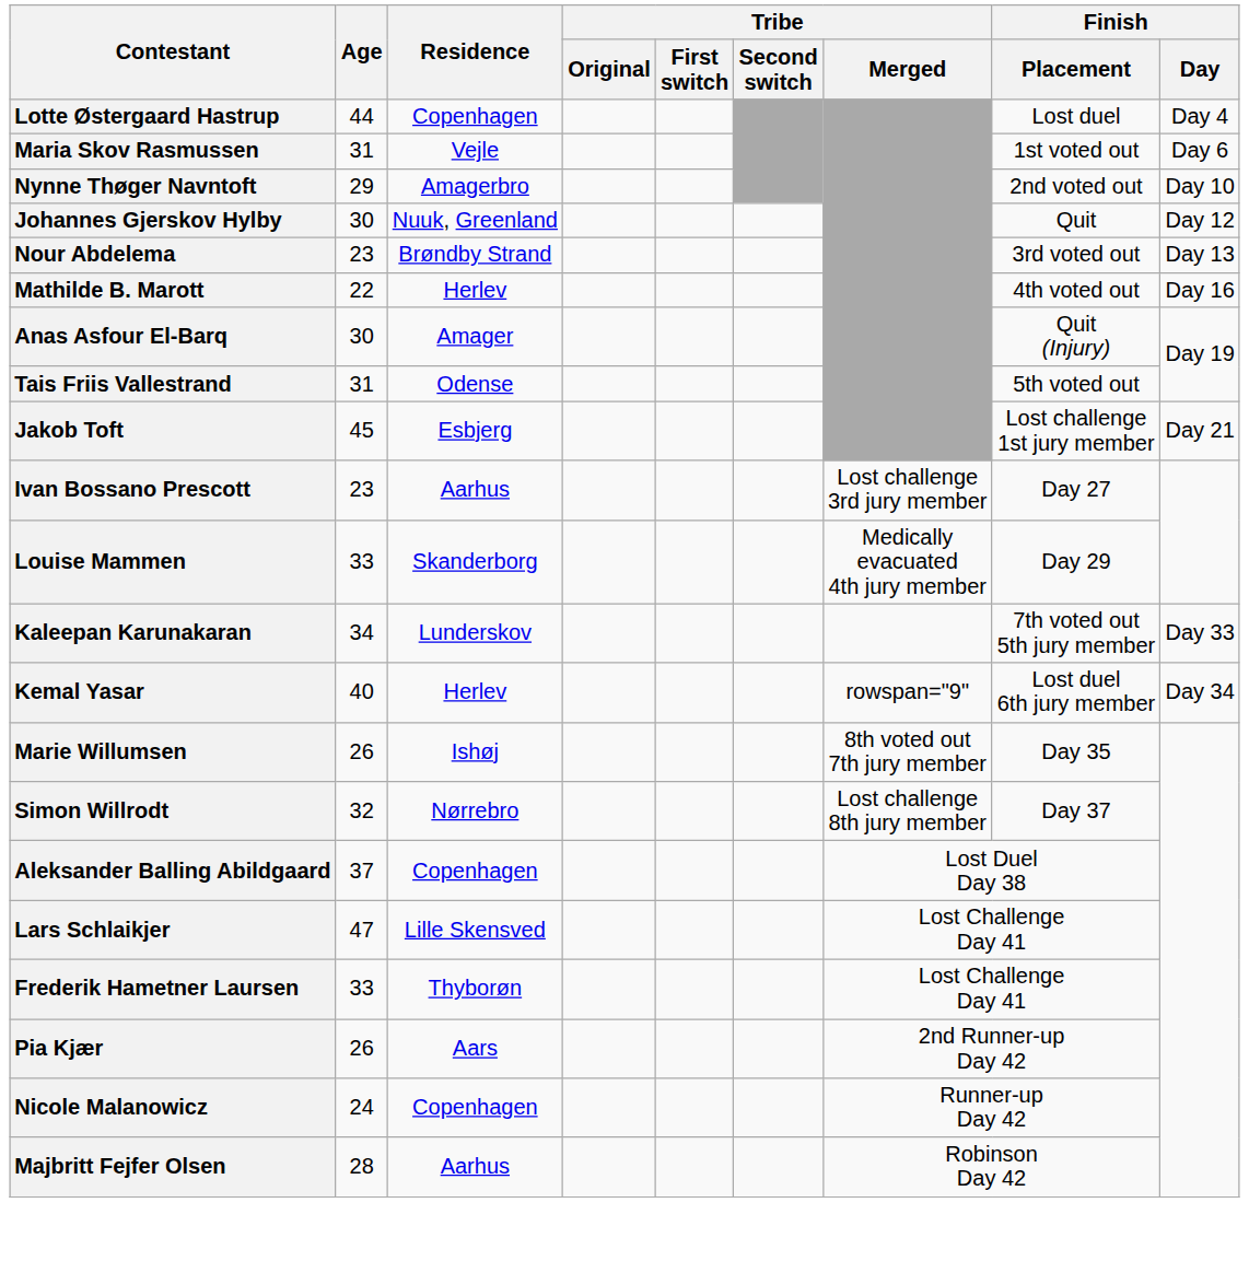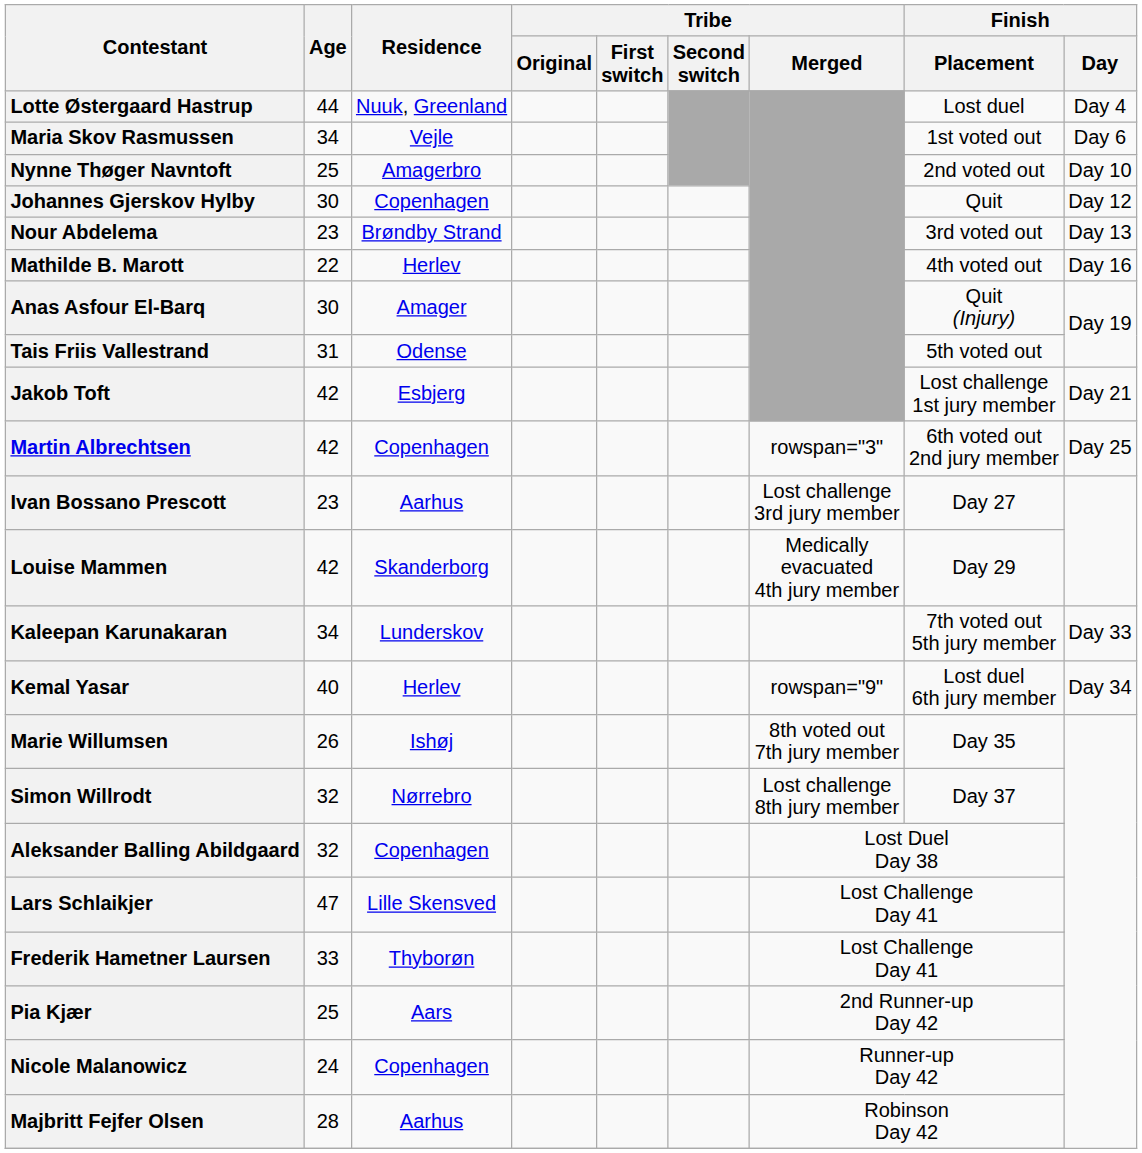 <table class="wikitable sortable" style="margin:auto; text-align:center">
 <tr>
 <th rowspan="2" scope="col">Contestant</th>
 <th rowspan="2" scope="col">Age</th>
 <th rowspan="2" scope="col" class="unsortable">Residence</th>
 <th colspan="4" scope="colgroup">Tribe</th>
 <th colspan="2" scope="colgroup">Finish</th>
 </tr>
 <tr>
 <th scope="col">Original</th>
 <th scope="col">First<br>switch</th>
 <th scope="col">Second<br>switch</th>
 <th class="unsortable">Merged</th>
 <th scope="col" class="unsortable">Placement</th>
 <th scope="col" class="unsortable">Day</th>
 </tr>
 <tr>
 <th scope="row" style="text-align:left;">Lotte Østergaard Hastrup</th>
 <td>44</td>
-<td><a href='#'>Copenhagen</a></td>
+<td><a href='#'>Nuuk</a>, <a href='#'>Greenland</a></td>
 <td></td>
 <td></td>
 <td rowspan="3" style="background:darkgray; border:none;"></td>
 <td rowspan="9" style="background:darkgray; border:none;"></td>
 <td>Lost duel</td>
 <td>Day 4</td>
 </tr>
 <tr>
 <th scope="row" style="text-align:left;">Maria Skov Rasmussen</th>
-<td>31</td>
+<td>34</td>
 <td><a href='#'>Vejle</a></td>
 <td></td>
 <td></td>
 <td>1st voted out</td>
 <td>Day 6</td>
 </tr>
 <tr>
 <th scope="row" style="text-align:left;">Nynne Thøger Navntoft</th>
-<td>29</td>
+<td>25</td>
 <td><a href='#'>Amagerbro</a></td>
 <td></td>
 <td></td>
 <td>2nd voted out</td>
 <td>Day 10</td>
 </tr>
 <tr>
 <th scope="row" style="text-align:left;">Johannes Gjerskov Hylby</th>
 <td>30</td>
-<td><a href='#'>Nuuk</a>, <a href='#'>Greenland</a></td>
+<td><a href='#'>Copenhagen</a></td>
 <td></td>
 <td></td>
 <td></td>
 <td>Quit</td>
 <td>Day 12</td>
 </tr>
 <tr>
 <th scope="row" style="text-align:left;">Nour Abdelema</th>
 <td>23</td>
 <td><a href='#'>Brøndby Strand</a></td>
 <td></td>
 <td></td>
 <td></td>
 <td>3rd voted out</td>
 <td>Day 13</td>
 </tr>
 <tr>
 <th scope="row" style="text-align:left;">Mathilde B. Marott</th>
 <td>22</td>
 <td><a href='#'>Herlev</a></td>
 <td></td>
 <td></td>
 <td></td>
 <td>4th voted out</td>
 <td>Day 16</td>
 </tr>
 <tr>
 <th scope="row" style="text-align:left;">Anas Asfour El-Barq</th>
 <td>30</td>
 <td><a href='#'>Amager</a></td>
 <td></td>
 <td></td>
 <td></td>
 <td>Quit<br><em>(Injury)</em></td>
 <td rowspan="2">Day 19</td>
 </tr>
 <tr>
 <th scope="row" style="text-align:left;">Tais Friis Vallestrand</th>
 <td>31</td>
 <td><a href='#'>Odense</a></td>
 <td></td>
 <td></td>
 <td></td>
 <td>5th voted out</td>
 </tr>
 <tr>
 <th scope="row" style="text-align:left;">Jakob Toft</th>
-<td>45</td>
+<td>42</td>
 <td><a href='#'>Esbjerg</a></td>
 <td></td>
 <td></td>
 <td></td>
 <td>Lost challenge<br>1st jury member</td>
 <td>Day 21</td>
+</tr>
+<tr>
+<th scope="row" style="text-align:left;"><a href='#'>Martin Albrechtsen</a></th>
+<td>42</td>
+<td><a href='#'>Copenhagen</a></td>
+<td></td>
+<td></td>
+<td></td>
+<td>rowspan="3" </td>
+<td>6th voted out<br>2nd jury member</td>
+<td>Day 25</td>
 </tr>
 <tr>
 <th scope="row" style="text-align:left;">Ivan Bossano Prescott</th>
 <td>23</td>
 <td><a href='#'>Aarhus</a></td>
 <td></td>
 <td></td>
 <td></td>
 <td>Lost challenge<br>3rd jury member</td>
 <td>Day 27</td>
 </tr>
 <tr>
 <th scope="row" style="text-align:left;">Louise Mammen</th>
-<td>33</td>
+<td>42</td>
 <td><a href='#'>Skanderborg</a></td>
 <td></td>
 <td></td>
 <td></td>
 <td>Medically<br>evacuated<br>4th jury member</td>
 <td>Day 29</td>
 </tr>
 <tr>
 <th scope="row" style="text-align:left;">Kaleepan Karunakaran</th>
 <td>34</td>
 <td><a href='#'>Lunderskov</a></td>
 <td></td>
 <td></td>
 <td></td>
 <td></td>
 <td>7th voted out<br>5th jury member</td>
 <td>Day 33</td>
 </tr>
 <tr>
 <th scope="row" style="text-align:left;">Kemal Yasar</th>
 <td>40</td>
 <td><a href='#'>Herlev</a></td>
 <td></td>
 <td></td>
 <td></td>
 <td>rowspan="9" </td>
 <td>Lost duel<br>6th jury member</td>
 <td>Day 34</td>
 </tr>
 <tr>
 <th scope="row" style="text-align:left;">Marie Willumsen</th>
 <td>26</td>
 <td><a href='#'>Ishøj</a></td>
 <td></td>
 <td></td>
 <td></td>
 <td>8th voted out<br>7th jury member</td>
 <td>Day 35</td>
 </tr>
 <tr>
 <th scope="row" style="text-align:left;">Simon Willrodt</th>
 <td>32</td>
 <td><a href='#'>Nørrebro</a></td>
 <td></td>
 <td></td>
 <td></td>
 <td>Lost challenge<br>8th jury member</td>
 <td>Day 37</td>
 </tr>
 <tr>
 <th scope="row" style="text-align:left;">Aleksander Balling Abildgaard</th>
-<td>37</td>
+<td>32</td>
 <td><a href='#'>Copenhagen</a></td>
 <td></td>
 <td></td>
 <td></td>
 <td colspan="2">Lost Duel<br>Day 38</td>
 </tr>
 <tr>
 <th scope="row" style="text-align:left;">Lars Schlaikjer</th>
 <td>47</td>
 <td><a href='#'>Lille Skensved</a></td>
 <td></td>
 <td></td>
 <td></td>
 <td colspan="2">Lost Challenge<br>Day 41</td>
 </tr>
 <tr>
 <th scope="row" style="text-align:left;">Frederik Hametner Laursen</th>
 <td>33</td>
 <td><a href='#'>Thyborøn</a></td>
 <td></td>
 <td></td>
 <td></td>
 <td colspan="2">Lost Challenge<br>Day 41</td>
 </tr>
 <tr>
 <th scope="row" style="text-align:left;">Pia Kjær</th>
-<td>26</td>
+<td>25</td>
 <td><a href='#'>Aars</a></td>
 <td></td>
 <td></td>
 <td></td>
 <td colspan="2">2nd Runner-up<br>Day 42</td>
 </tr>
 <tr>
 <th scope="row" style="text-align:left;">Nicole Malanowicz</th>
 <td>24</td>
 <td><a href='#'>Copenhagen</a></td>
 <td></td>
 <td></td>
 <td></td>
 <td colspan="2">Runner-up<br>Day 42</td>
 </tr>
 <tr>
 <th scope="row" style="text-align:left;">Majbritt Fejfer Olsen</th>
 <td>28</td>
 <td><a href='#'>Aarhus</a></td>
 <td></td>
 <td></td>
 <td></td>
 <td colspan="2">Robinson<br>Day 42</td>
 </tr>
 <tr>
 </tr>
 </table>
